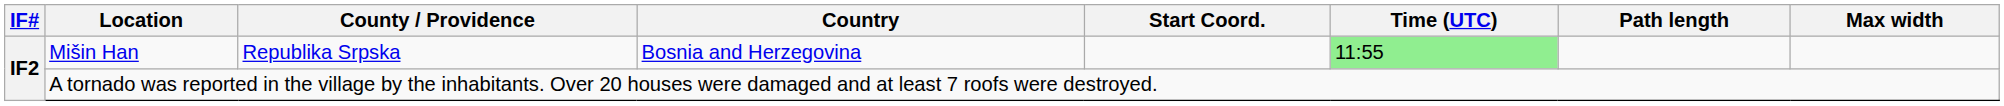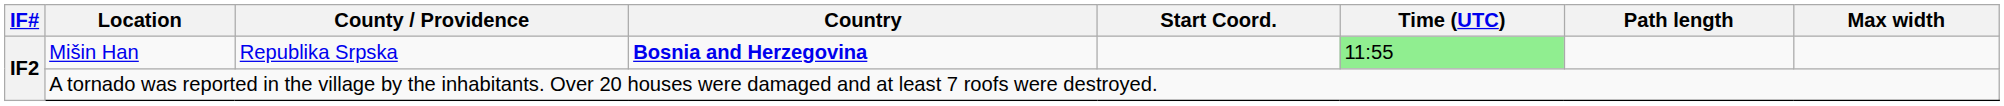 <table class="wikitable sortable" style="width:100%;">
 <tr>
 <th scope="col" width="2%" align="center"><a href='#'>IF#</a></th>
 <th scope="col" align="center" class="unsortable">Location</th>
 <th scope="col" align="center" class="unsortable">County / Providence</th>
 <th scope="col" align="center">Country</th>
 <th scope="col" align="center">Start Coord.</th>
 <th scope="col" align="center">Time (<a href='#'>UTC</a>)</th>
 <th scope="col" align="center">Path length</th>
 <th scope="col" align="center">Max width</th>
 </tr>
 <tr>
 <th scope="row" rowspan="2" style="background-color:#">IF2</th>
 <td><a href='#'>Mišin Han</a></td>
 <td><a href='#'>Republika Srpska</a></td>
-<td><a href='#'>Bosnia and Herzegovina</a></td>
+<td><strong><a href='#'>Bosnia and Herzegovina</a></strong></td>
 <td></td>
 <td style="background: lightgreen;">11:55</td>
 <td></td>
 <td></td>
 </tr>
 <tr class="expand-child">
 <td colspan="8" style=" border-bottom: 1px solid black ">A tornado was reported in the village by the inhabitants. Over 20 houses were damaged and at least 7 roofs were destroyed.</td>
 </tr>
 </table>
